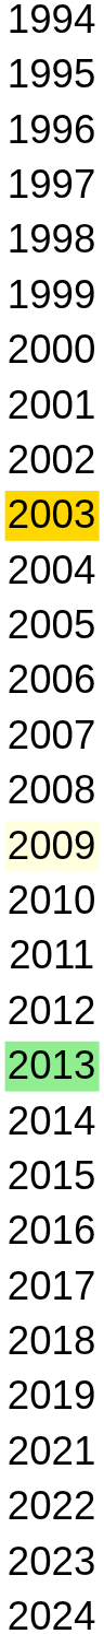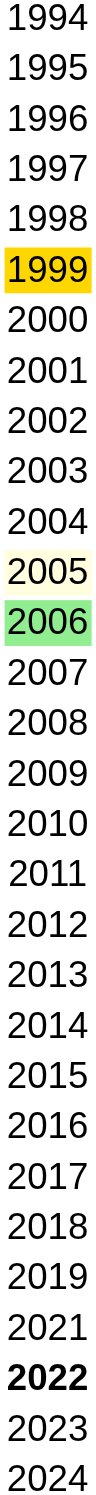 <table>
 <tr>
 <td align="center">1994</td>
 <td></td>
 <td></td>
 <td></td>
 </tr>
 <tr>
 <td align="center">1995</td>
 <td></td>
 <td></td>
 <td></td>
 </tr>
 <tr>
 <td align="center">1996</td>
 <td></td>
 <td></td>
 <td></td>
 </tr>
 <tr>
 <td align="center">1997</td>
 <td></td>
 <td></td>
 <td></td>
 </tr>
 <tr>
 <td align="center">1998</td>
 <td></td>
 <td></td>
 <td></td>
 </tr>
 <tr>
-<td align="center">1999</td>
+<td align="center" style="background: gold;">1999</td>
 <td></td>
 <td></td>
 <td></td>
 </tr>
 <tr>
 <td align="center">2000</td>
 <td></td>
 <td></td>
 <td></td>
 </tr>
 <tr>
 <td align="center">2001</td>
 <td></td>
 <td></td>
 <td></td>
 </tr>
 <tr>
 <td align="center">2002</td>
 <td></td>
 <td></td>
 <td></td>
 </tr>
 <tr>
-<td align="center" style="background: gold;">2003</td>
+<td align="center">2003</td>
 <td></td>
 <td></td>
 <td></td>
 </tr>
 <tr>
 <td align="center">2004</td>
 <td></td>
 <td></td>
 <td></td>
 </tr>
 <tr>
-<td align="center">2005</td>
+<td align="center" style="background: lightyellow;">2005</td>
 <td></td>
 <td></td>
 <td></td>
 </tr>
 <tr>
-<td align="center">2006</td>
+<td align="center" style="background: lightgreen;">2006</td>
 <td></td>
 <td></td>
 <td></td>
 </tr>
 <tr>
 <td align="center">2007</td>
 <td></td>
 <td></td>
 <td></td>
 </tr>
 <tr>
 <td align="center">2008</td>
 <td></td>
 <td></td>
 <td></td>
 </tr>
 <tr>
-<td align="center" style="background: lightyellow;">2009</td>
+<td align="center">2009</td>
 <td></td>
 <td></td>
 <td></td>
 </tr>
 <tr>
 <td align="center">2010</td>
 <td></td>
 <td></td>
 <td></td>
 </tr>
 <tr>
 <td align="center">2011</td>
 <td></td>
 <td></td>
 <td></td>
 </tr>
 <tr>
 <td align="center">2012</td>
 <td></td>
 <td></td>
 <td></td>
 </tr>
 <tr>
-<td align="center" style="background: lightgreen;">2013</td>
+<td align="center">2013</td>
 <td></td>
 <td></td>
 <td></td>
 </tr>
 <tr>
 <td align="center">2014</td>
 <td></td>
 <td></td>
 <td></td>
 </tr>
 <tr>
 <td align="center">2015</td>
 <td></td>
 <td></td>
 <td></td>
 </tr>
 <tr>
 <td align="center">2016</td>
 <td></td>
 <td></td>
 <td></td>
 </tr>
 <tr>
 <td align="center">2017</td>
 <td></td>
 <td></td>
 <td></td>
 </tr>
 <tr>
 <td align="center">2018</td>
 <td></td>
 <td></td>
 <td></td>
 </tr>
 <tr>
 <td align="center">2019</td>
 <td></td>
 <td></td>
 <td></td>
 </tr>
 <tr>
 <td align="center">2021</td>
 <td></td>
 <td></td>
 <td></td>
 </tr>
 <tr>
-<td align="center">2022</td>
+<td align="center"><strong>2022</strong></td>
 <td></td>
 <td></td>
 <td></td>
 </tr>
 <tr>
 <td align="center">2023</td>
 <td></td>
 <td></td>
 <td></td>
 </tr>
 <tr>
 <td align="center">2024</td>
 <td></td>
 <td></td>
 <td></td>
 </tr>
 </table>
